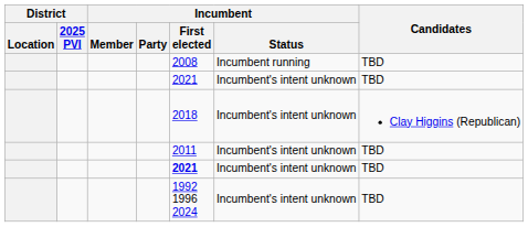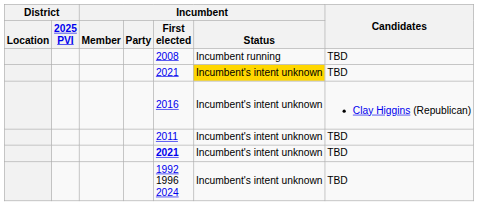 <table class="wikitable sortable">
 <tr>
 <th colspan=2>District</th>
 <th colspan=4>Incumbent</th>
 <th rowspan=2 class="unsortable">Candidates</th>
 </tr>
 <tr valign=bottom>
 <th>Location</th>
 <th><a href='#'>2025<br>PVI</a></th>
 <th>Member</th>
 <th>Party</th>
 <th>First<br>elected</th>
 <th>Status</th>
 </tr>
 <tr>
 <th></th>
 <td></td>
 <td></td>
 <td></td>
 <td><a href='#'>2008 </a></td>
 <td>Incumbent running</td>
 <td>TBD</td>
 </tr>
 <tr>
 <th></th>
 <td></td>
 <td></td>
 <td></td>
 <td><a href='#'>2021 </a></td>
-<td>Incumbent's intent unknown</td>
+<td style="background: gold;">Incumbent's intent unknown</td>
 <td>TBD</td>
 </tr>
 <tr>
 <th></th>
 <td></td>
 <td></td>
 <td></td>
-<td><a href='#'>2018</a></td>
+<td><a href='#'>2016</a></td>
 <td>Incumbent's intent unknown</td>
 <td nowrap><br><ul><li><a href='#'>Clay Higgins</a> (Republican)</li></ul></td>
 </tr>
 <tr>
 <th></th>
 <td></td>
 <td></td>
 <td></td>
 <td><a href='#'>2011</a></td>
 <td>Incumbent's intent unknown</td>
 <td>TBD</td>
 </tr>
 <tr>
 <th></th>
 <td></td>
 <td></td>
 <td></td>
 <td><strong><a href='#'>2021 </a></strong></td>
 <td>Incumbent's intent unknown</td>
 <td>TBD</td>
 </tr>
 <tr>
 <th></th>
 <td></td>
 <td></td>
 <td></td>
 <td><a href='#'>1992</a><br>1996 <br><a href='#'>2024</a></td>
 <td>Incumbent's intent unknown</td>
 <td>TBD</td>
 </tr>
 </table>
